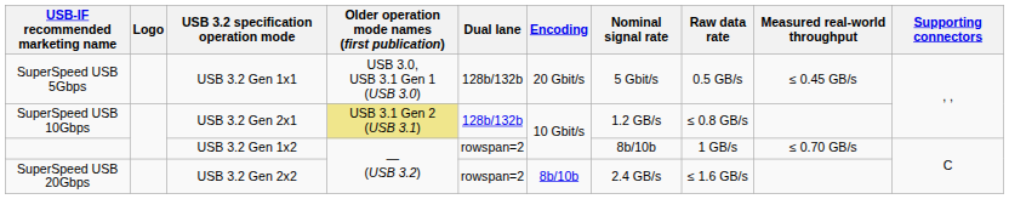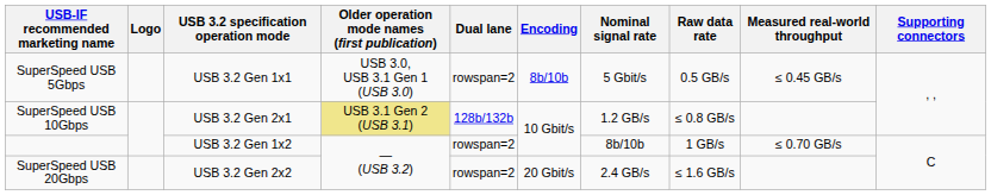 <table class="wikitable sortable mw-datatable" style="text-align:center;">
 <tr>
 <th><a href='#'>USB-IF</a> recommended<br>marketing name</th>
 <th>Logo</th>
 <th>USB 3.2 specification operation mode</th>
 <th>Older operation mode names<br>(<em>first publication</em>)</th>
 <th>Dual lane</th>
 <th><a href='#'>Encoding</a></th>
 <th>Nominal signal rate</th>
 <th>Raw data rate</th>
 <th>Measured real-world throughput</th>
 <th><a href='#'>Supporting connectors</a></th>
 </tr>
 <tr>
 <td>SuperSpeed USB 5Gbps</td>
 <td></td>
 <td>USB 3.2 Gen 1x1</td>
 <td>USB 3.0,<br>USB 3.1 Gen 1<br>(<em>USB 3.0</em>)</td>
-<td>128b/132b</td>
-<td>20 Gbit/s</td>
+<td>rowspan=2 </td>
+<td><a href='#'>8b/10b</a></td>
 <td>5 Gbit/s</td>
 <td>0.5 GB/s</td>
 <td>≤ 0.45 GB/s</td>
 <td rowspan=2>, , </td>
 </tr>
 <tr>
 <td>SuperSpeed USB 10Gbps</td>
 <td rowspan=2></td>
 <td>USB 3.2 Gen 2x1</td>
 <td style="background: khaki;">USB 3.1 Gen 2<br>(<em>USB 3.1</em>)</td>
 <td><a href='#'>128b/132b</a></td>
 <td rowspan=2>10 Gbit/s</td>
 <td>1.2 GB/s</td>
 <td>≤ 0.8 GB/s</td>
 </tr>
 <tr>
 <td></td>
 <td>USB 3.2 Gen 1x2</td>
 <td rowspan=2>—<br>(<em>USB 3.2</em>)</td>
 <td>rowspan=2 </td>
 <td>8b/10b</td>
 <td>1 GB/s</td>
 <td>≤ 0.70 GB/s</td>
 <td rowspan=2>C</td>
 </tr>
 <tr>
 <td>SuperSpeed USB 20Gbps</td>
 <td></td>
 <td>USB 3.2 Gen 2x2</td>
 <td>rowspan=2 </td>
-<td><a href='#'>8b/10b</a></td>
+<td>20 Gbit/s</td>
 <td>2.4 GB/s</td>
 <td>≤ 1.6 GB/s</td>
 </tr>
 </table>
